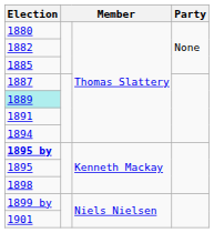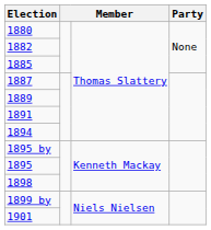 <table class="wikitable">
 <tr>
 <th>Election</th>
 <th colspan="2">Member</th>
 <th>Party</th>
 </tr>
 <tr>
 <td><a href='#'>1880</a></td>
 <td rowspan="3" > </td>
 <td rowspan="7"><a href='#'>Thomas Slattery</a></td>
 <td rowspan="3">None</td>
 </tr>
 <tr>
 <td><a href='#'>1882</a></td>
 </tr>
 <tr>
 <td><a href='#'>1885</a></td>
 </tr>
 <tr>
 <td><a href='#'>1887</a></td>
 <td rowspan="4" > </td>
 <td rowspan="4"></td>
 </tr>
 <tr>
-<td style="background: paleturquoise;"><a href='#'>1889</a></td>
+<td><a href='#'>1889</a></td>
 </tr>
 <tr>
 <td><a href='#'>1891</a></td>
 </tr>
 <tr>
 <td><a href='#'>1894</a></td>
 </tr>
 <tr>
-<td><strong><a href='#'>1895 by</a></strong></td>
+<td><a href='#'>1895 by</a></td>
 <td rowspan="3" > </td>
 <td rowspan="3"><a href='#'>Kenneth Mackay</a></td>
 <td rowspan="3"></td>
 </tr>
 <tr>
 <td><a href='#'>1895</a></td>
 </tr>
 <tr>
 <td><a href='#'>1898</a></td>
 </tr>
 <tr>
 <td><a href='#'>1899 by</a></td>
 <td rowspan="2" > </td>
 <td rowspan="2"><a href='#'>Niels Nielsen</a></td>
 <td rowspan="2"></td>
 </tr>
 <tr>
 <td><a href='#'>1901</a></td>
 </tr>
 </table>
